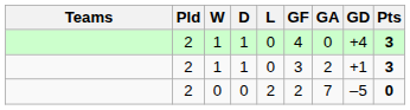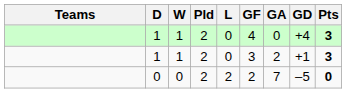 <table class="wikitable" style="text-align: center;">
 <tr>
 <th width=165>Teams</th>
+<th width=20>D</th>
+<th width=20>W</th>
 <th width=20>Pld</th>
-<th width=20>W</th>
-<th width=20>D</th>
 <th width=20>L</th>
 <th width=20>GF</th>
 <th width=20>GA</th>
 <th width=20>GD</th>
 <th width=20>Pts</th>
 </tr>
 <tr align=center style="background:#ccffcc;">
 <td style="text-align:left;"></td>
-<td>2</td>
 <td>1</td>
 <td>1</td>
+<td>2</td>
 <td>0</td>
 <td>4</td>
 <td>0</td>
 <td>+4</td>
 <td><strong>3</strong></td>
 </tr>
 <tr align=center>
 <td style="text-align:left;"></td>
-<td>2</td>
 <td>1</td>
 <td>1</td>
+<td>2</td>
 <td>0</td>
 <td>3</td>
 <td>2</td>
 <td>+1</td>
 <td><strong>3</strong></td>
 </tr>
 <tr align=center>
 <td style="text-align:left;"></td>
-<td>2</td>
 <td>0</td>
 <td>0</td>
+<td>2</td>
 <td>2</td>
 <td>2</td>
 <td>7</td>
 <td>–5</td>
 <td><strong>0</strong></td>
 </tr>
 </table>
